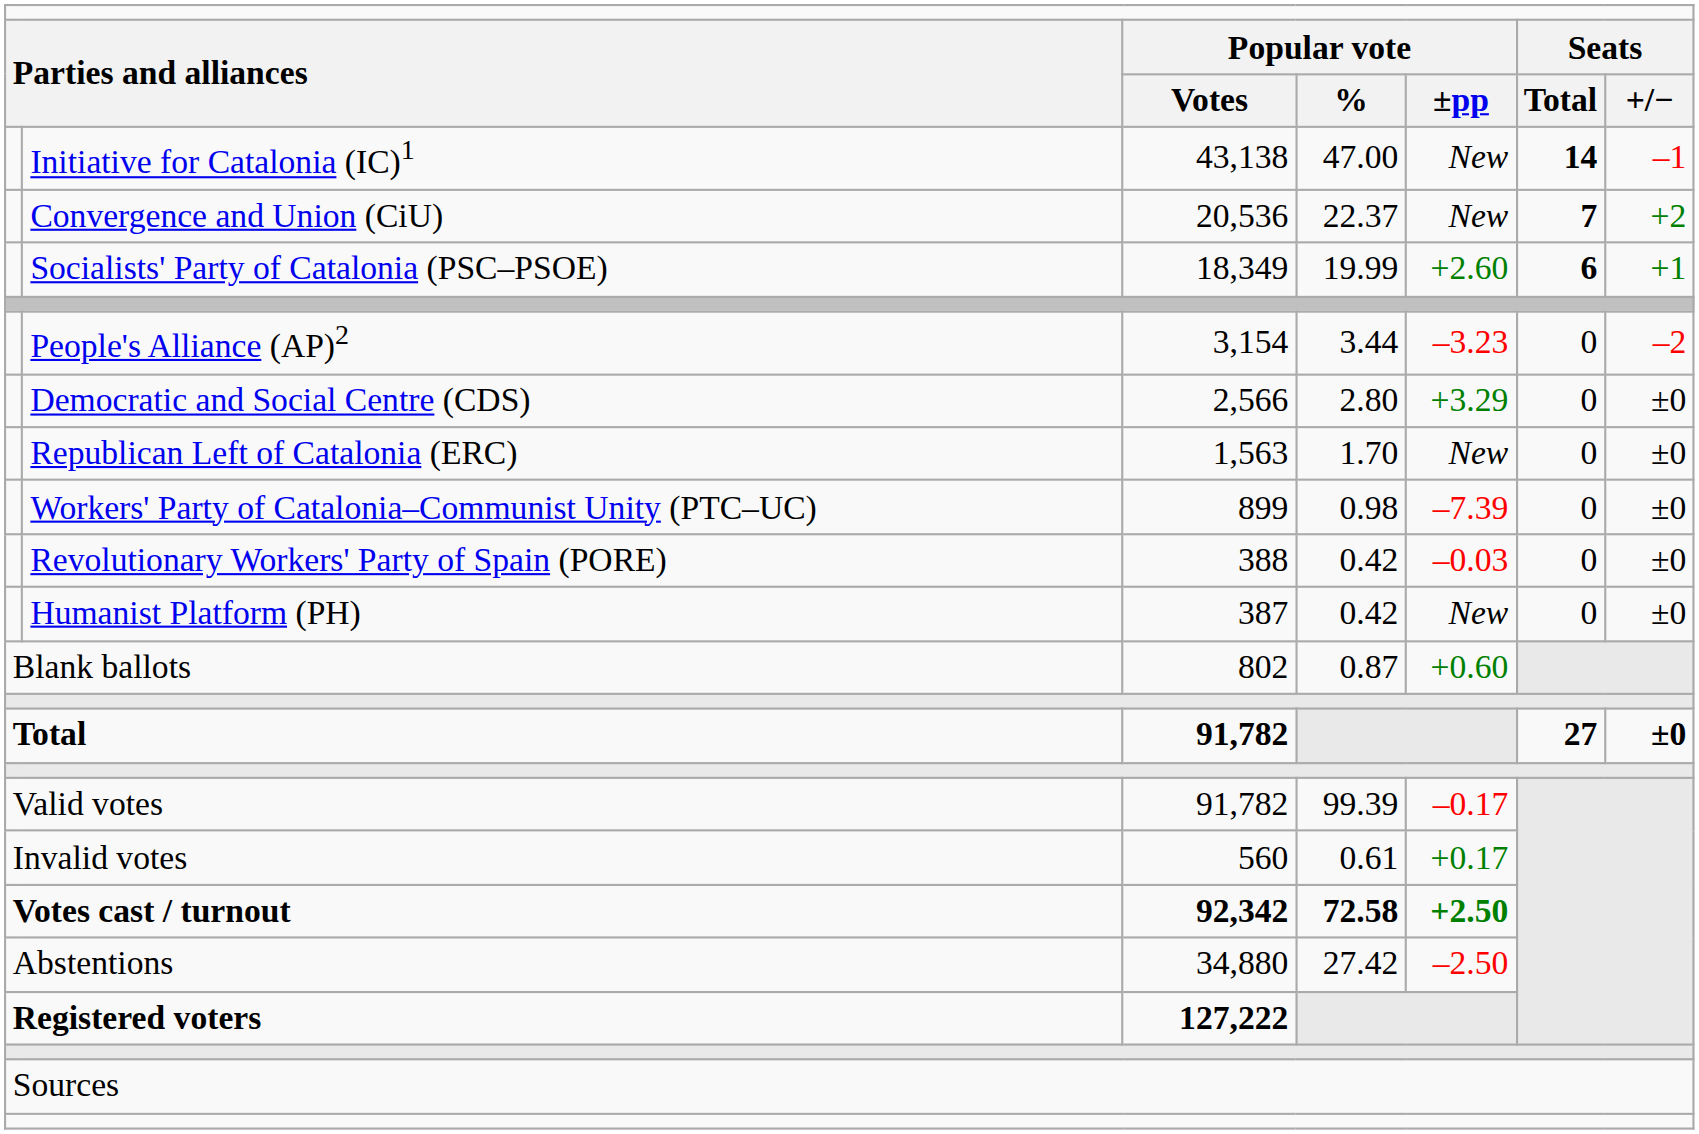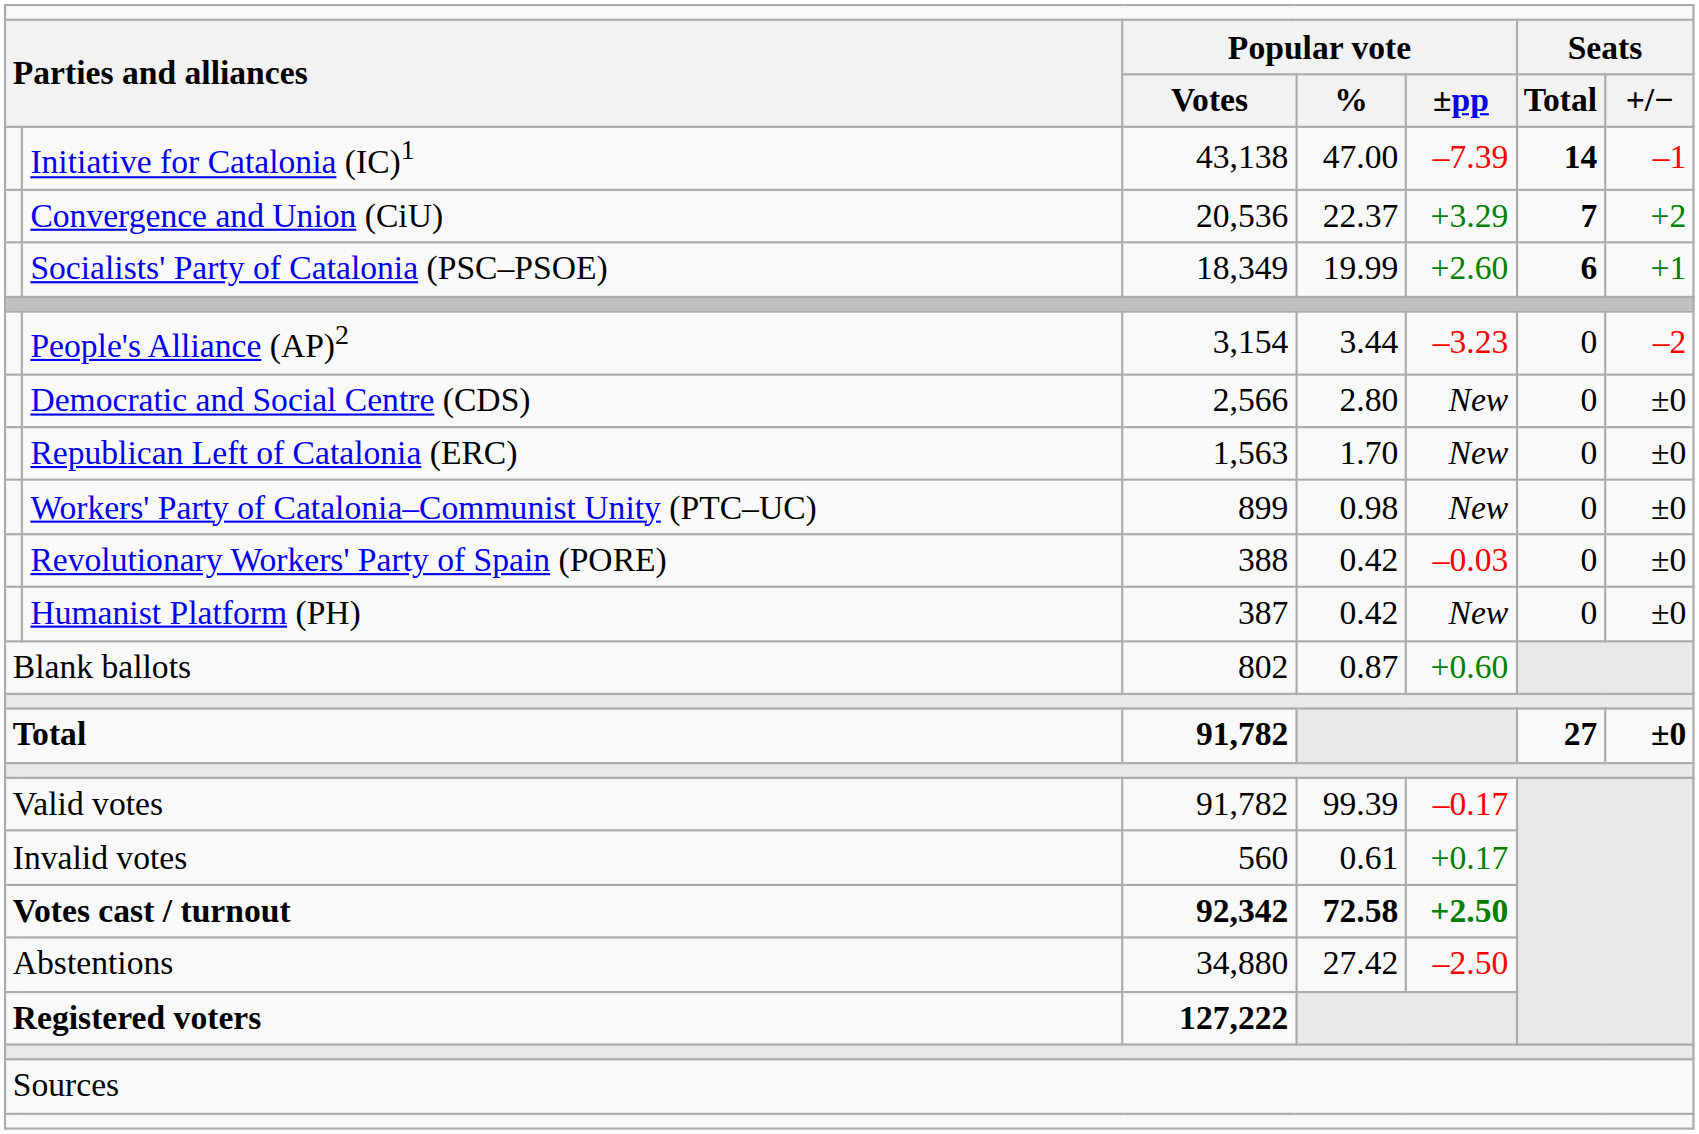 <table class="wikitable" style="text-align:right;">
 <tr>
 <td colspan="7"></td>
 </tr>
 <tr>
 <th style="text-align:left;" rowspan="2" colspan="2" width="525">Parties and alliances</th>
 <th colspan="3">Popular vote</th>
 <th colspan="2">Seats</th>
 </tr>
 <tr>
 <th width="75">Votes</th>
 <th width="45">%</th>
 <th width="45">±<a href='#'>pp</a></th>
 <th width="35">Total</th>
 <th width="35">+/−</th>
 </tr>
 <tr>
 <td width="1" style="color:inherit;background:"></td>
 <td align="left"><a href='#'>Initiative for Catalonia</a> (IC)<sup>1</sup></td>
 <td>43,138</td>
 <td>47.00</td>
-<td><em>New</em></td>
+<td style="color:red;">–7.39</td>
 <td><strong>14</strong></td>
 <td style="color:red;">–1</td>
 </tr>
 <tr>
 <td style="color:inherit;background:"></td>
 <td align="left"><a href='#'>Convergence and Union</a> (CiU)</td>
 <td>20,536</td>
 <td>22.37</td>
-<td><em>New</em></td>
+<td style="color:green;">+3.29</td>
 <td><strong>7</strong></td>
 <td style="color:green;">+2</td>
 </tr>
 <tr>
 <td style="color:inherit;background:"></td>
 <td align="left"><a href='#'>Socialists' Party of Catalonia</a> (PSC–PSOE)</td>
 <td>18,349</td>
 <td>19.99</td>
 <td style="color:green;">+2.60</td>
 <td><strong>6</strong></td>
 <td style="color:green;">+1</td>
 </tr>
 <tr>
 <td colspan="7" style="color:inherit;background:#C0C0C0"></td>
 </tr>
 <tr>
 <td style="color:inherit;background:"></td>
 <td align="left"><a href='#'>People's Alliance</a> (AP)<sup>2</sup></td>
 <td>3,154</td>
 <td>3.44</td>
 <td style="color:red;">–3.23</td>
 <td>0</td>
 <td style="color:red;">–2</td>
 </tr>
 <tr>
 <td style="color:inherit;background:"></td>
 <td align="left"><a href='#'>Democratic and Social Centre</a> (CDS)</td>
 <td>2,566</td>
 <td>2.80</td>
-<td style="color:green;">+3.29</td>
+<td><em>New</em></td>
 <td>0</td>
 <td>±0</td>
 </tr>
 <tr>
 <td style="color:inherit;background:"></td>
 <td align="left"><a href='#'>Republican Left of Catalonia</a> (ERC)</td>
 <td>1,563</td>
 <td>1.70</td>
 <td><em>New</em></td>
 <td>0</td>
 <td>±0</td>
 </tr>
 <tr>
 <td style="color:inherit;background:"></td>
 <td align="left"><a href='#'>Workers' Party of Catalonia–Communist Unity</a> (PTC–UC)</td>
 <td>899</td>
 <td>0.98</td>
-<td style="color:red;">–7.39</td>
+<td><em>New</em></td>
 <td>0</td>
 <td>±0</td>
 </tr>
 <tr>
 <td style="color:inherit;background:"></td>
 <td align="left"><a href='#'>Revolutionary Workers' Party of Spain</a> (PORE)</td>
 <td>388</td>
 <td>0.42</td>
 <td style="color:red;">–0.03</td>
 <td>0</td>
 <td>±0</td>
 </tr>
 <tr>
 <td style="color:inherit;background:"></td>
 <td align="left"><a href='#'>Humanist Platform</a> (PH)</td>
 <td>387</td>
 <td>0.42</td>
 <td><em>New</em></td>
 <td>0</td>
 <td>±0</td>
 </tr>
 <tr>
 <td align="left" colspan="2">Blank ballots</td>
 <td>802</td>
 <td>0.87</td>
 <td style="color:green;">+0.60</td>
 <td style="color:inherit;background:#E9E9E9" colspan="2"></td>
 </tr>
 <tr>
 <td colspan="7" style="color:inherit;background:#E9E9E9"></td>
 </tr>
 <tr style="font-weight:bold;">
 <td align="left" colspan="2">Total</td>
 <td>91,782</td>
 <td bgcolor="#E9E9E9" colspan="2"></td>
 <td>27</td>
 <td>±0</td>
 </tr>
 <tr>
 <td colspan="7" style="color:inherit;background:#E9E9E9"></td>
 </tr>
 <tr>
 <td align="left" colspan="2">Valid votes</td>
 <td>91,782</td>
 <td>99.39</td>
 <td style="color:red;">–0.17</td>
 <td bgcolor="#E9E9E9" colspan="2" rowspan="5"></td>
 </tr>
 <tr>
 <td align="left" colspan="2">Invalid votes</td>
 <td>560</td>
 <td>0.61</td>
 <td style="color:green;">+0.17</td>
 </tr>
 <tr style="font-weight:bold;">
 <td align="left" colspan="2">Votes cast / turnout</td>
 <td>92,342</td>
 <td>72.58</td>
 <td style="color:green;">+2.50</td>
 </tr>
 <tr>
 <td align="left" colspan="2">Abstentions</td>
 <td>34,880</td>
 <td>27.42</td>
 <td style="color:red;">–2.50</td>
 </tr>
 <tr style="font-weight:bold;">
 <td align="left" colspan="2">Registered voters</td>
 <td>127,222</td>
 <td bgcolor="#E9E9E9" colspan="2"></td>
 </tr>
 <tr>
 <td colspan="7" style="color:inherit;background:#E9E9E9"></td>
 </tr>
 <tr>
 <td align="left" colspan="7">Sources</td>
 </tr>
 <tr>
 <td colspan="7" style="text-align:left; max-width:790px;"></td>
 </tr>
 </table>
